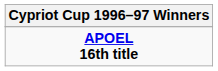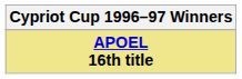 <table class="wikitable" style="text-align:center;margin: 0 auto;">
 <tr>
 <th>Cypriot Cup 1996–97 Winners</th>
 </tr>
 <tr>
 </tr>
 <tr>
-<td><strong><a href='#'>APOEL</a></strong><br><strong>16th title</strong></td>
+<td style="background: khaki;"><strong><a href='#'>APOEL</a></strong><br><strong>16th title</strong></td>
 </tr>
 </table>
